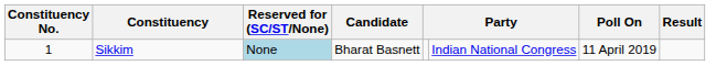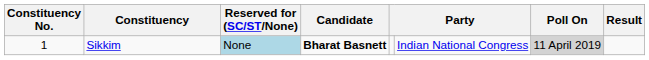 <table class="wikitable sortable">
 <tr>
 <th>Constituency <br> No.</th>
 <th style="width:180px;">Constituency</th>
 <th>Reserved for<br>(<a href='#'>SC/ST</a>/None)</th>
 <th>Candidate</th>
 <th colspan="2">Party</th>
 <th>Poll On</th>
 <th>Result</th>
 </tr>
 <tr>
 <td style="text-align:center;">1</td>
 <td><a href='#'>Sikkim</a></td>
 <td style="background: lightblue;">None</td>
-<td>Bharat Basnett</td>
+<td><strong>Bharat Basnett</strong></td>
 <td bgcolor=></td>
 <td><a href='#'>Indian National Congress</a></td>
-<td style="text-align:center;">11 April 2019</td>
+<td style="background: lightgrey; text-align:center;">11 April 2019</td>
 <td></td>
 </tr>
 </table>
